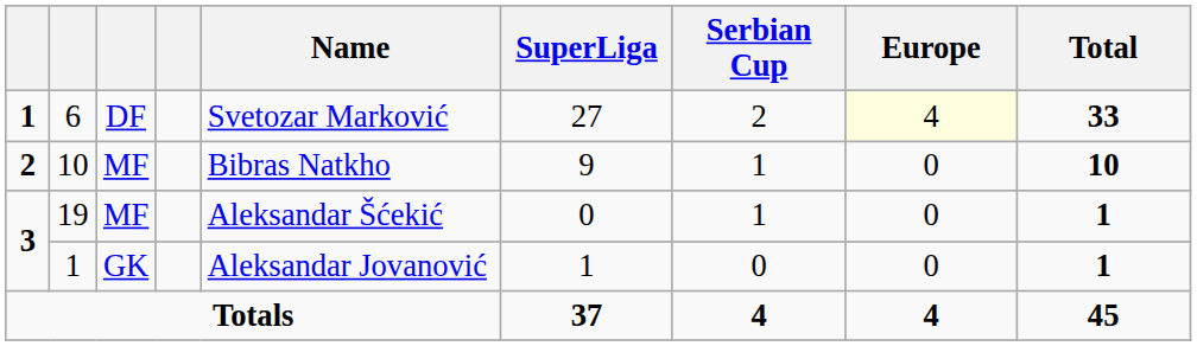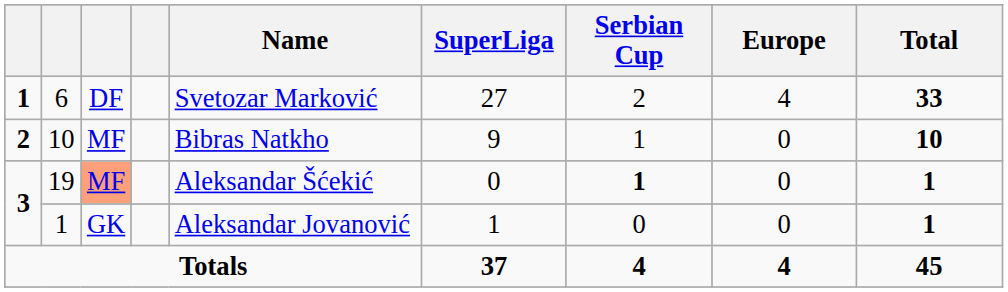 <table class="wikitable" style="text-align:center">
 <tr>
 <th width=15></th>
 <th width=15></th>
 <th width=15></th>
 <th width=15></th>
 <th width=145>Name</th>
 <th width=80><strong><a href='#'>SuperLiga</a></strong></th>
 <th width=80><strong><a href='#'>Serbian Cup</a></strong></th>
 <th width=80><strong>Europe</strong></th>
 <th width=80>Total</th>
 </tr>
 <tr>
 <td><strong>1</strong></td>
 <td>6</td>
 <td><a href='#'>DF</a></td>
 <td></td>
 <td align=left><a href='#'>Svetozar Marković</a></td>
 <td>27</td>
 <td>2</td>
-<td style="background: lightyellow;">4</td>
+<td>4</td>
 <td><strong>33</strong></td>
 </tr>
 <tr>
 <td><strong>2</strong></td>
 <td>10</td>
 <td><a href='#'>MF</a></td>
 <td></td>
 <td align=left><a href='#'>Bibras Natkho</a></td>
 <td>9</td>
 <td>1</td>
 <td>0</td>
 <td><strong>10</strong></td>
 </tr>
 <tr>
 <td rowspan=2><strong>3</strong></td>
 <td>19</td>
-<td><a href='#'>MF</a></td>
+<td style="background: lightsalmon;"><a href='#'>MF</a></td>
 <td></td>
 <td align=left><a href='#'>Aleksandar Šćekić</a></td>
 <td>0</td>
-<td>1</td>
+<td><strong>1</strong></td>
 <td>0</td>
 <td><strong>1</strong></td>
 </tr>
 <tr>
 <td>1</td>
 <td><a href='#'>GK</a></td>
 <td></td>
 <td align=left><a href='#'>Aleksandar Jovanović</a></td>
 <td>1</td>
 <td>0</td>
 <td>0</td>
 <td><strong>1</strong></td>
 </tr>
 <tr>
 <td colspan=5><strong>Totals</strong></td>
 <td><strong>37</strong></td>
 <td><strong>4</strong></td>
 <td><strong>4</strong></td>
 <td><strong>45</strong></td>
 </tr>
 </table>
